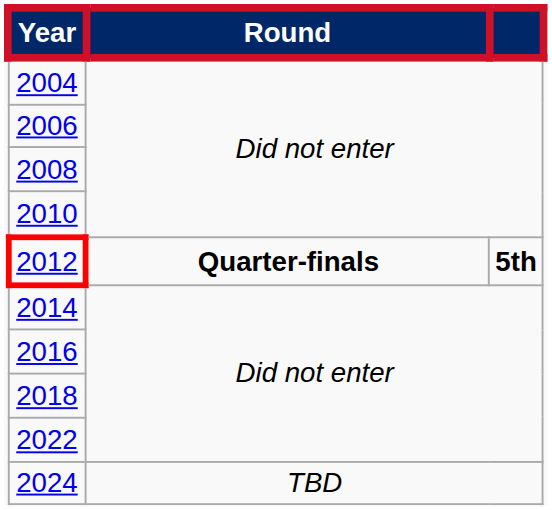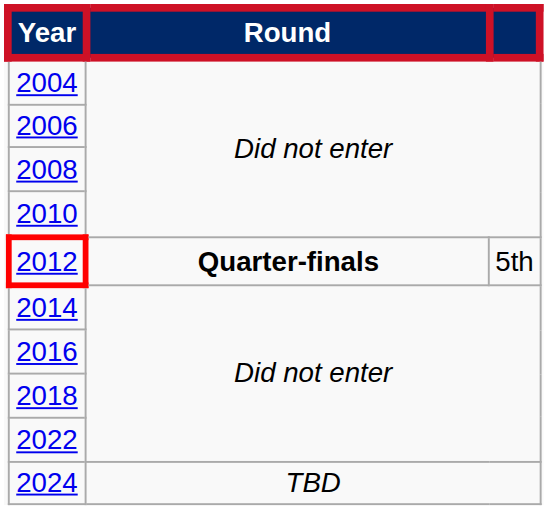 <table class="wikitable" style="text-align: center; font-size:90%">
 <tr style="color:white;">
 <th style="background:#002868; border: 4px solid #CE1126; ">Year</th>
 <th style="background:#002868; border: 4px solid #CE1126; width:200px">Round</th>
 <th style="background:#002868; border: 4px solid #CE1126;"></th>
 </tr>
 <tr>
 <td><a href='#'>2004</a></td>
 <td colspan="2" rowspan="4"><em>Did not enter</em></td>
 </tr>
 <tr>
 <td><a href='#'>2006</a></td>
 </tr>
 <tr>
 <td><a href='#'>2008</a></td>
 </tr>
 <tr>
 <td><a href='#'>2010</a></td>
 </tr>
 <tr>
 <td style="border: 3px solid red"><a href='#'>2012</a></td>
 <td><strong>Quarter-finals</strong></td>
-<td><strong>5th</strong></td>
+<td>5th</td>
 </tr>
 <tr>
 <td><a href='#'>2014</a></td>
 <td colspan="2" rowspan="4"><em>Did not enter</em></td>
 </tr>
 <tr>
 <td><a href='#'>2016</a></td>
 </tr>
 <tr>
 <td><a href='#'>2018</a></td>
 </tr>
 <tr>
 <td><a href='#'>2022</a></td>
 </tr>
 <tr>
 <td><a href='#'>2024</a></td>
 <td colspan="2"><em>TBD</em></td>
 </tr>
 </table>
